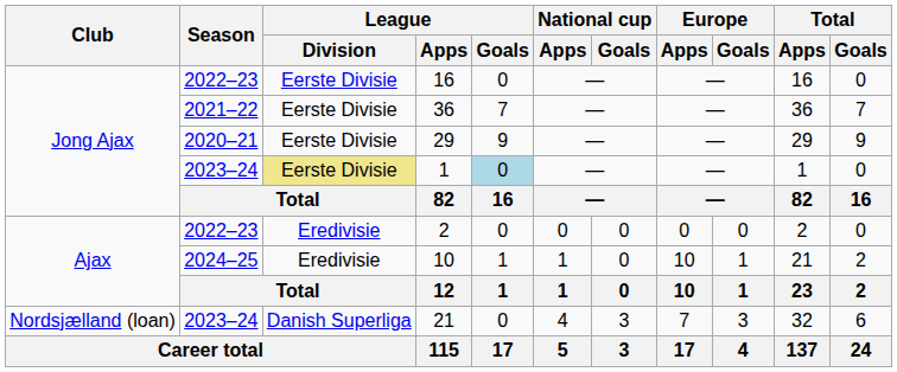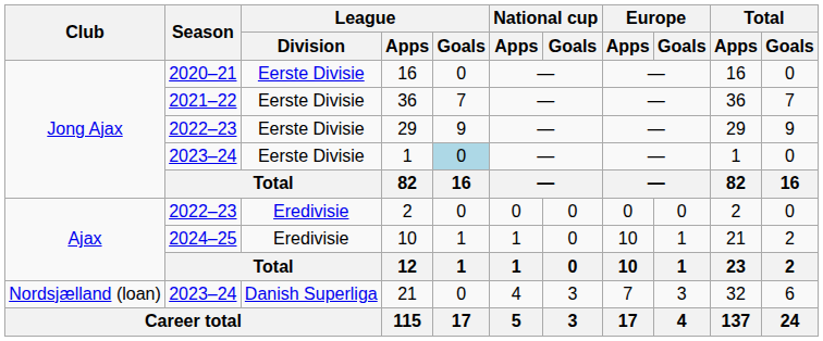 <table class="wikitable" style="text-align:center">
 <tr>
 <th rowspan="2">Club</th>
 <th rowspan="2">Season</th>
 <th colspan="3">League</th>
 <th colspan="2">National cup</th>
 <th colspan="2">Europe</th>
 <th colspan="2">Total</th>
 </tr>
 <tr>
 <th>Division</th>
 <th>Apps</th>
 <th>Goals</th>
 <th>Apps</th>
 <th>Goals</th>
 <th>Apps</th>
 <th>Goals</th>
 <th>Apps</th>
 <th>Goals</th>
 </tr>
 <tr>
 <td rowspan="5"><a href='#'>Jong Ajax</a></td>
-<td><a href='#'>2022–23</a></td>
+<td><a href='#'>2020–21</a></td>
 <td><a href='#'>Eerste Divisie</a></td>
 <td>16</td>
 <td>0</td>
 <td colspan="2">—</td>
 <td colspan="2">—</td>
 <td>16</td>
 <td>0</td>
 </tr>
 <tr>
 <td><a href='#'>2021–22</a></td>
 <td>Eerste Divisie</td>
 <td>36</td>
 <td>7</td>
 <td colspan="2">—</td>
 <td colspan="2">—</td>
 <td>36</td>
 <td>7</td>
 </tr>
 <tr>
-<td><a href='#'>2020–21</a></td>
+<td><a href='#'>2022–23</a></td>
 <td>Eerste Divisie</td>
 <td>29</td>
 <td>9</td>
 <td colspan="2">—</td>
 <td colspan="2">—</td>
 <td>29</td>
 <td>9</td>
 </tr>
 <tr>
 <td><a href='#'>2023–24</a></td>
-<td style="background: khaki;">Eerste Divisie</td>
+<td>Eerste Divisie</td>
 <td>1</td>
 <td style="background: lightblue;">0</td>
 <td colspan="2">—</td>
 <td colspan="2">—</td>
 <td>1</td>
 <td>0</td>
 </tr>
 <tr>
 <th colspan="2">Total</th>
 <th>82</th>
 <th>16</th>
 <th colspan="2">—</th>
 <th colspan="2">—</th>
 <th>82</th>
 <th>16</th>
 </tr>
 <tr>
 <td rowspan="3"><a href='#'>Ajax</a></td>
 <td><a href='#'>2022–23</a></td>
 <td><a href='#'>Eredivisie</a></td>
 <td>2</td>
 <td>0</td>
 <td>0</td>
 <td>0</td>
 <td>0</td>
 <td>0</td>
 <td>2</td>
 <td>0</td>
 </tr>
 <tr>
 <td><a href='#'>2024–25</a></td>
 <td>Eredivisie</td>
 <td>10</td>
 <td>1</td>
 <td>1</td>
 <td>0</td>
 <td>10</td>
 <td>1</td>
 <td>21</td>
 <td>2</td>
 </tr>
 <tr>
 <th colspan="2">Total</th>
 <th>12</th>
 <th>1</th>
 <th>1</th>
 <th>0</th>
 <th>10</th>
 <th>1</th>
 <th>23</th>
 <th>2</th>
 </tr>
 <tr>
 <td><a href='#'>Nordsjælland</a> (loan)</td>
 <td><a href='#'>2023–24</a></td>
 <td><a href='#'>Danish Superliga</a></td>
 <td>21</td>
 <td>0</td>
 <td>4</td>
 <td>3</td>
 <td>7</td>
 <td>3</td>
 <td>32</td>
 <td>6</td>
 </tr>
 <tr>
 <th colspan="3">Career total</th>
 <th>115</th>
 <th>17</th>
 <th>5</th>
 <th>3</th>
 <th>17</th>
 <th>4</th>
 <th>137</th>
 <th>24</th>
 </tr>
 </table>
